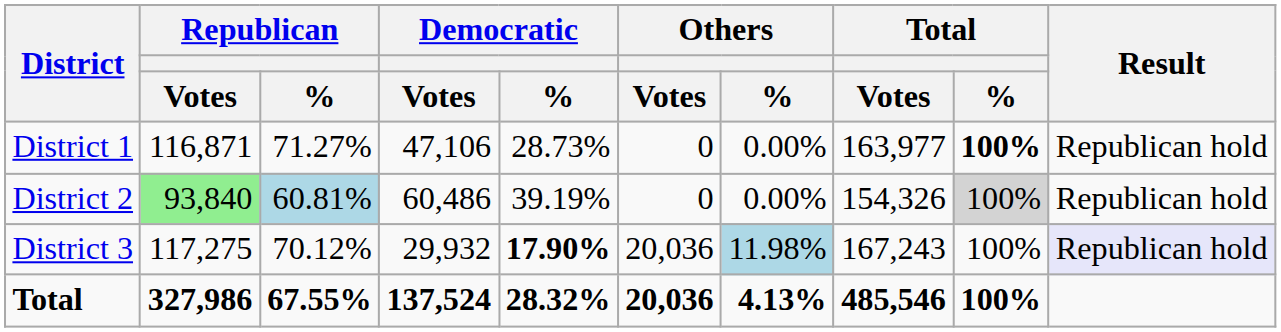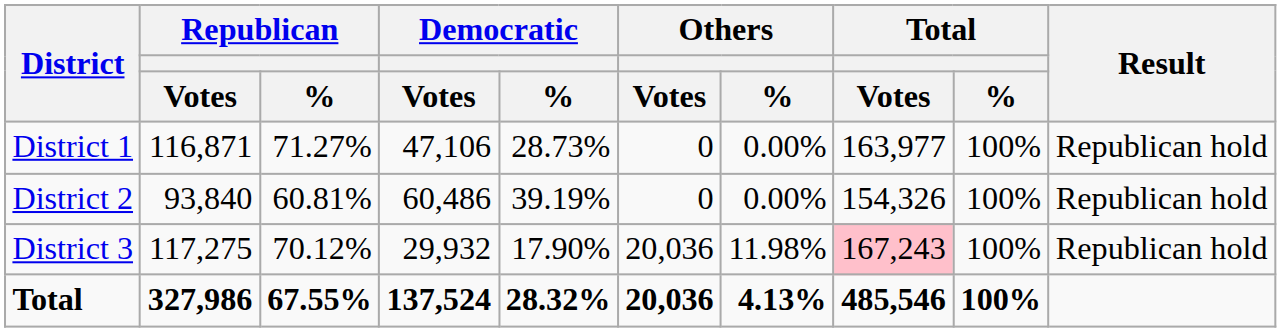 <table class="wikitable plainrowheaders sortable" style="font-size:100%; text-align:right;">
 <tr>
 <th scope=col rowspan=3><a href='#'>District</a></th>
 <th scope=col colspan=2><a href='#'>Republican</a></th>
 <th scope=col colspan=2><a href='#'>Democratic</a></th>
 <th scope=col colspan=2>Others</th>
 <th scope=col colspan=2>Total</th>
 <th scope=col rowspan=3>Result</th>
 </tr>
 <tr>
 <th scope=col colspan=2 style="background:"></th>
 <th scope=col colspan=2 style="background:"></th>
 <th scope=col colspan=2></th>
 <th scope=col colspan=2></th>
 </tr>
 <tr>
 <th scope=col data-sort-type="number">Votes</th>
 <th scope=col data-sort-type="number">%</th>
 <th scope=col data-sort-type="number">Votes</th>
 <th scope=col data-sort-type="number">%</th>
 <th scope=col data-sort-type="number">Votes</th>
 <th scope=col data-sort-type="number">%</th>
 <th scope=col data-sort-type="number">Votes</th>
 <th scope=col data-sort-type="number">%</th>
 </tr>
 <tr>
 <td align=left><a href='#'>District 1</a></td>
 <td>116,871</td>
 <td>71.27%</td>
 <td>47,106</td>
 <td>28.73%</td>
 <td>0</td>
 <td>0.00%</td>
 <td>163,977</td>
-<td><strong>100%</strong></td>
+<td>100%</td>
 <td align=left>Republican hold</td>
 </tr>
 <tr>
 <td align=left><a href='#'>District 2</a></td>
-<td style="background: lightgreen;">93,840</td>
-<td style="background: lightblue;">60.81%</td>
+<td>93,840</td>
+<td>60.81%</td>
 <td>60,486</td>
 <td>39.19%</td>
 <td>0</td>
 <td>0.00%</td>
 <td>154,326</td>
-<td style="background: lightgrey;">100%</td>
+<td>100%</td>
 <td align=left>Republican hold</td>
 </tr>
 <tr>
 <td align=left><a href='#'>District 3</a></td>
 <td>117,275</td>
 <td>70.12%</td>
 <td>29,932</td>
-<td><strong>17.90%</strong></td>
+<td>17.90%</td>
 <td>20,036</td>
-<td style="background: lightblue;">11.98%</td>
-<td>167,243</td>
+<td>11.98%</td>
+<td style="background: pink;">167,243</td>
 <td>100%</td>
-<td align=left style="background: lavender;">Republican hold</td>
+<td align=left>Republican hold</td>
 </tr>
 <tr class="sortbottom" style="font-weight:bold">
 <td align=left>Total</td>
 <td>327,986</td>
 <td>67.55%</td>
 <td>137,524</td>
 <td>28.32%</td>
 <td>20,036</td>
 <td>4.13%</td>
 <td>485,546</td>
 <td>100%</td>
 <td></td>
 </tr>
 </table>
